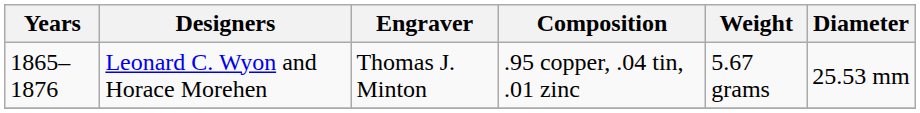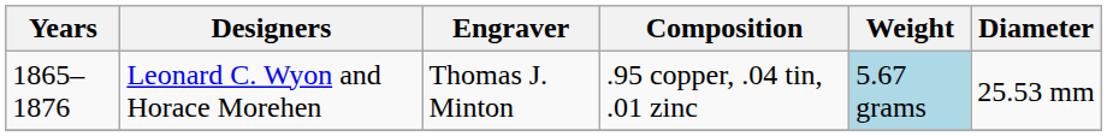 <table class="wikitable">
 <tr>
 <th>Years</th>
 <th>Designers</th>
 <th>Engraver</th>
 <th>Composition</th>
 <th>Weight</th>
 <th>Diameter</th>
 </tr>
 <tr>
 <td>1865–1876</td>
 <td><a href='#'>Leonard C. Wyon</a> and Horace Morehen</td>
 <td>Thomas J. Minton</td>
 <td>.95 copper, .04 tin, .01 zinc</td>
-<td>5.67 grams</td>
+<td style="background: lightblue;">5.67 grams</td>
 <td>25.53 mm</td>
 </tr>
 <tr>
 </tr>
 </table>
